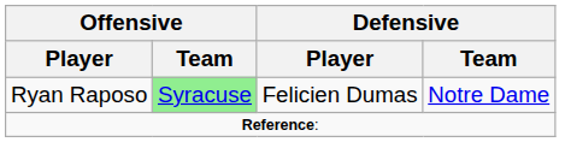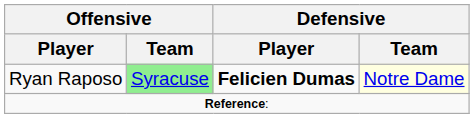 <table class="wikitable" style="text-align: center;">
 <tr>
 <th colspan="2">Offensive</th>
 <th colspan="2">Defensive</th>
 </tr>
 <tr>
 <th>Player</th>
 <th>Team</th>
 <th>Player</th>
 <th>Team</th>
 </tr>
 <tr>
 <td>Ryan Raposo</td>
 <td style="background: lightgreen;"><a href='#'>Syracuse</a></td>
-<td>Felicien Dumas</td>
-<td><a href='#'>Notre Dame</a></td>
+<td><strong>Felicien Dumas</strong></td>
+<td style="background: lightyellow;"><a href='#'>Notre Dame</a></td>
 </tr>
 <tr>
 <td colspan="12"  style="font-size:8pt; text-align:center;"><strong>Reference</strong>:</td>
 </tr>
 </table>
